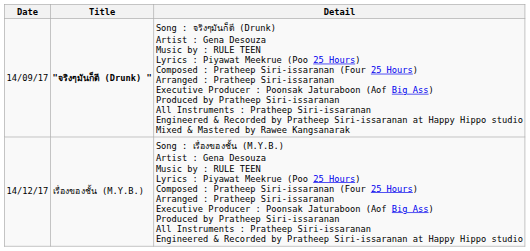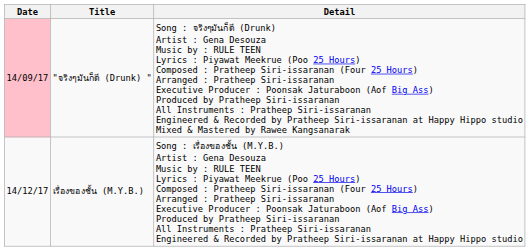 <table class="wikitable" style="margin-bottom: 10px;">
 <tr>
 <th>Date</th>
 <th>Title</th>
 <th>Detail</th>
 </tr>
 <tr>
-<td>14/09/17</td>
-<td><strong>"จริงๆมันก็ดี (Drunk) "</strong></td>
+<td style="background: pink;">14/09/17</td>
+<td>"จริงๆมันก็ดี (Drunk) "</td>
 <td>Song : จริงๆมันก็ดี (Drunk)<br>Artist : Gena Desouza <br>Music by : RULE TEEN<br>Lyrics : Piyawat Meekrue (Poo <a href='#'>25 Hours</a>) <br>Composed : Pratheep Siri-issaranan (Four <a href='#'>25 Hours</a>) <br>Arranged : Pratheep Siri-issaranan<br>Executive Producer : Poonsak Jaturaboon (Aof <a href='#'>Big Ass</a>)<br>Produced by Pratheep Siri-issaranan<br>All Instruments : Pratheep Siri-issaranan<br>Engineered & Recorded by Pratheep Siri-issaranan at Happy Hippo studio<br>Mixed & Mastered by Rawee Kangsanarak</td>
 </tr>
 <tr>
 <td rowspan="2">14/12/17</td>
 <td>เรื่องของชั้น (M.Y.B.)</td>
 <td>Song : เรื่องของชั้น (M.Y.B.)<br>Artist : Gena Desouza<br>Music by : RULE TEEN<br>Lyrics : Piyawat Meekrue (Poo <a href='#'>25 Hours</a>) <br>Composed : Pratheep Siri-issaranan (Four <a href='#'>25 Hours</a>) <br>Arranged : Pratheep Siri-issaranan<br>Executive Producer : Poonsak Jaturaboon (Aof <a href='#'>Big Ass</a>)<br>Produced by Pratheep Siri-issaranan<br>All Instruments : Pratheep Siri-issaranan<br>Engineered & Recorded by Pratheep Siri-issaranan at Happy Hippo studio</td>
 </tr>
 </table>
